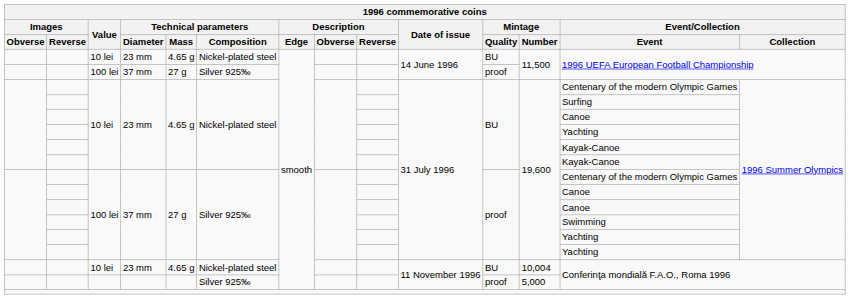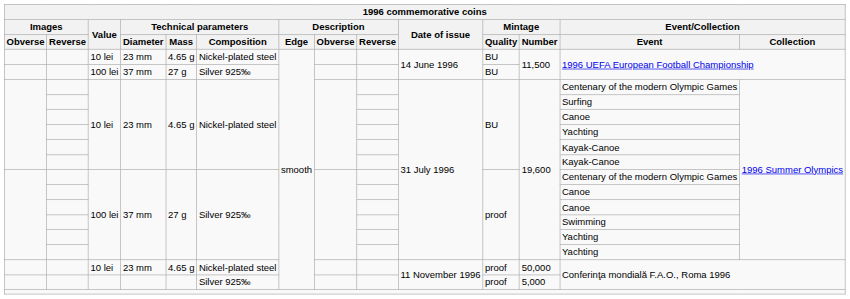 <table class="wikitable" style="font-size: 90%">
 <tr>
 <th colspan="14">1996 commemorative coins</th>
 </tr>
 <tr>
 <th colspan=2>Images</th>
 <th rowspan=2>Value</th>
 <th colspan=3>Technical parameters</th>
 <th colspan=3>Description</th>
 <th rowspan=2>Date of issue</th>
 <th colspan=2>Mintage</th>
 <th colspan=2>Event/Collection</th>
 </tr>
 <tr>
 <th>Obverse</th>
 <th>Reverse</th>
 <th>Diameter</th>
 <th>Mass</th>
 <th>Composition</th>
 <th>Edge</th>
 <th>Obverse</th>
 <th>Reverse</th>
 <th>Quality</th>
 <th>Number</th>
 <th>Event</th>
 <th>Collection</th>
 </tr>
 <tr>
 <td></td>
 <td></td>
 <td>10 lei</td>
 <td>23 mm</td>
 <td>4.65 g</td>
 <td>Nickel-plated steel</td>
 <td rowspan="16">smooth</td>
 <td></td>
 <td></td>
 <td rowspan=2>14 June 1996</td>
 <td>BU</td>
 <td rowspan="2">11,500</td>
 <td colspan=2 rowspan=2><a href='#'>1996 UEFA European Football Championship</a></td>
 </tr>
 <tr>
 <td></td>
 <td></td>
 <td>100 lei</td>
 <td>37 mm</td>
 <td>27 g</td>
 <td>Silver 925‰</td>
 <td></td>
 <td></td>
-<td>proof</td>
+<td>BU</td>
 </tr>
 <tr>
 <td rowspan=6></td>
 <td></td>
 <td rowspan=6>10 lei</td>
 <td rowspan=6>23 mm</td>
 <td rowspan=6>4.65 g</td>
 <td rowspan=6>Nickel-plated steel</td>
 <td rowspan=6></td>
 <td></td>
 <td rowspan=12>31 July 1996</td>
 <td rowspan=6>BU</td>
 <td rowspan="12">19,600</td>
 <td>Centenary of the modern Olympic Games</td>
 <td rowspan=12><a href='#'>1996 Summer Olympics</a></td>
 </tr>
 <tr>
 <td></td>
 <td></td>
 <td>Surfing</td>
 </tr>
 <tr>
 <td></td>
 <td></td>
 <td>Canoe</td>
 </tr>
 <tr>
 <td></td>
 <td></td>
 <td>Yachting</td>
 </tr>
 <tr>
 <td></td>
 <td></td>
 <td>Kayak-Canoe</td>
 </tr>
 <tr>
 <td></td>
 <td></td>
 <td>Kayak-Canoe</td>
 </tr>
 <tr>
 <td rowspan=6></td>
 <td></td>
 <td rowspan=6>100 lei</td>
 <td rowspan=6>37 mm</td>
 <td rowspan=6>27 g</td>
 <td rowspan=6>Silver 925‰</td>
 <td rowspan=6></td>
 <td></td>
 <td rowspan=6>proof</td>
 <td>Centenary of the modern Olympic Games</td>
 </tr>
 <tr>
 <td></td>
 <td></td>
 <td>Canoe</td>
 </tr>
 <tr>
 <td></td>
 <td></td>
 <td>Canoe</td>
 </tr>
 <tr>
 <td></td>
 <td></td>
 <td>Swimming</td>
 </tr>
 <tr>
 <td></td>
 <td></td>
 <td>Yachting</td>
 </tr>
 <tr>
 <td></td>
 <td></td>
 <td>Yachting</td>
 </tr>
 <tr>
 <td></td>
 <td></td>
 <td>10 lei</td>
 <td>23 mm</td>
 <td>4.65 g</td>
 <td>Nickel-plated steel</td>
 <td></td>
 <td></td>
 <td rowspan=2>11 November 1996</td>
-<td>BU</td>
-<td>10,004</td>
+<td>proof</td>
+<td>50,000</td>
 <td colspan=2 rowspan=2>Conferinţa mondială F.A.O., Roma 1996</td>
 </tr>
 <tr>
 <td></td>
 <td></td>
 <td></td>
 <td></td>
 <td></td>
 <td>Silver 925‰</td>
 <td></td>
 <td></td>
 <td>proof</td>
 <td>5,000</td>
 </tr>
 <tr>
 <td colspan="14"></td>
 </tr>
 </table>
